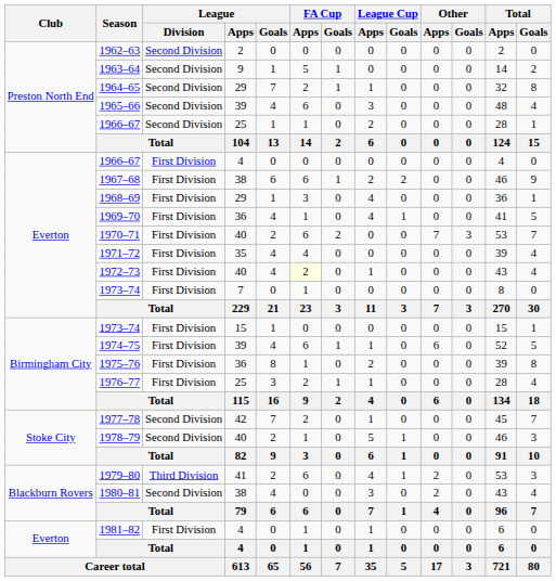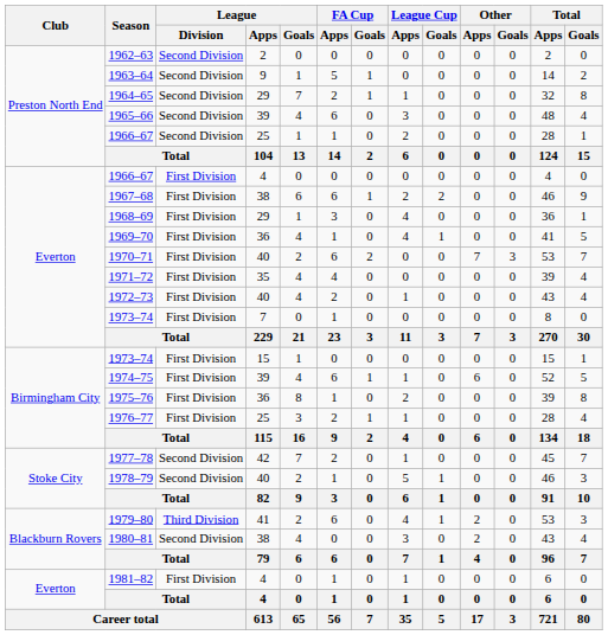 <table class=wikitable style="text-align: center">
 <tr>
 <th rowspan="2">Club</th>
 <th rowspan="2">Season</th>
 <th colspan="3">League</th>
 <th colspan="2"><a href='#'>FA Cup</a></th>
 <th colspan="2"><a href='#'>League Cup</a></th>
 <th colspan="2">Other</th>
 <th colspan="2">Total</th>
 </tr>
 <tr>
 <th>Division</th>
 <th>Apps</th>
 <th>Goals</th>
 <th>Apps</th>
 <th>Goals</th>
 <th>Apps</th>
 <th>Goals</th>
 <th>Apps</th>
 <th>Goals</th>
 <th>Apps</th>
 <th>Goals</th>
 </tr>
 <tr>
 <td rowspan="6"><a href='#'>Preston North End</a></td>
 <td><a href='#'>1962–63</a></td>
 <td><a href='#'>Second Division</a></td>
 <td>2</td>
 <td>0</td>
 <td>0</td>
 <td>0</td>
 <td>0</td>
 <td>0</td>
 <td>0</td>
 <td>0</td>
 <td>2</td>
 <td>0</td>
 </tr>
 <tr>
 <td><a href='#'>1963–64</a></td>
 <td>Second Division</td>
 <td>9</td>
 <td>1</td>
 <td>5</td>
 <td>1</td>
 <td>0</td>
 <td>0</td>
 <td>0</td>
 <td>0</td>
 <td>14</td>
 <td>2</td>
 </tr>
 <tr>
 <td><a href='#'>1964–65</a></td>
 <td>Second Division</td>
 <td>29</td>
 <td>7</td>
 <td>2</td>
 <td>1</td>
 <td>1</td>
 <td>0</td>
 <td>0</td>
 <td>0</td>
 <td>32</td>
 <td>8</td>
 </tr>
 <tr>
 <td><a href='#'>1965–66</a></td>
 <td>Second Division</td>
 <td>39</td>
 <td>4</td>
 <td>6</td>
 <td>0</td>
 <td>3</td>
 <td>0</td>
 <td>0</td>
 <td>0</td>
 <td>48</td>
 <td>4</td>
 </tr>
 <tr>
 <td><a href='#'>1966–67</a></td>
 <td>Second Division</td>
 <td>25</td>
 <td>1</td>
 <td>1</td>
 <td>0</td>
 <td>2</td>
 <td>0</td>
 <td>0</td>
 <td>0</td>
 <td>28</td>
 <td>1</td>
 </tr>
 <tr>
 <th colspan="2">Total</th>
 <th>104</th>
 <th>13</th>
 <th>14</th>
 <th>2</th>
 <th>6</th>
 <th>0</th>
 <th>0</th>
 <th>0</th>
 <th>124</th>
 <th>15</th>
 </tr>
 <tr>
 <td rowspan="9"><a href='#'>Everton</a></td>
 <td><a href='#'>1966–67</a></td>
 <td><a href='#'>First Division</a></td>
 <td>4</td>
 <td>0</td>
 <td>0</td>
 <td>0</td>
 <td>0</td>
 <td>0</td>
 <td>0</td>
 <td>0</td>
 <td>4</td>
 <td>0</td>
 </tr>
 <tr>
 <td><a href='#'>1967–68</a></td>
 <td>First Division</td>
 <td>38</td>
 <td>6</td>
 <td>6</td>
 <td>1</td>
 <td>2</td>
 <td>2</td>
 <td>0</td>
 <td>0</td>
 <td>46</td>
 <td>9</td>
 </tr>
 <tr>
 <td><a href='#'>1968–69</a></td>
 <td>First Division</td>
 <td>29</td>
 <td>1</td>
 <td>3</td>
 <td>0</td>
 <td>4</td>
 <td>0</td>
 <td>0</td>
 <td>0</td>
 <td>36</td>
 <td>1</td>
 </tr>
 <tr>
 <td><a href='#'>1969–70</a></td>
 <td>First Division</td>
 <td>36</td>
 <td>4</td>
 <td>1</td>
 <td>0</td>
 <td>4</td>
 <td>1</td>
 <td>0</td>
 <td>0</td>
 <td>41</td>
 <td>5</td>
 </tr>
 <tr>
 <td><a href='#'>1970–71</a></td>
 <td>First Division</td>
 <td>40</td>
 <td>2</td>
 <td>6</td>
 <td>2</td>
 <td>0</td>
 <td>0</td>
 <td>7</td>
 <td>3</td>
 <td>53</td>
 <td>7</td>
 </tr>
 <tr>
 <td><a href='#'>1971–72</a></td>
 <td>First Division</td>
 <td>35</td>
 <td>4</td>
 <td>4</td>
 <td>0</td>
 <td>0</td>
 <td>0</td>
 <td>0</td>
 <td>0</td>
 <td>39</td>
 <td>4</td>
 </tr>
 <tr>
 <td><a href='#'>1972–73</a></td>
 <td>First Division</td>
 <td>40</td>
 <td>4</td>
-<td style="background: lightyellow;">2</td>
+<td>2</td>
 <td>0</td>
 <td>1</td>
 <td>0</td>
 <td>0</td>
 <td>0</td>
 <td>43</td>
 <td>4</td>
 </tr>
 <tr>
 <td><a href='#'>1973–74</a></td>
 <td>First Division</td>
 <td>7</td>
 <td>0</td>
 <td>1</td>
 <td>0</td>
 <td>0</td>
 <td>0</td>
 <td>0</td>
 <td>0</td>
 <td>8</td>
 <td>0</td>
 </tr>
 <tr>
 <th colspan="2">Total</th>
 <th>229</th>
 <th>21</th>
 <th>23</th>
 <th>3</th>
 <th>11</th>
 <th>3</th>
 <th>7</th>
 <th>3</th>
 <th>270</th>
 <th>30</th>
 </tr>
 <tr>
 <td rowspan="5"><a href='#'>Birmingham City</a></td>
 <td><a href='#'>1973–74</a></td>
 <td>First Division</td>
 <td>15</td>
 <td>1</td>
 <td>0</td>
 <td>0</td>
 <td>0</td>
 <td>0</td>
 <td>0</td>
 <td>0</td>
 <td>15</td>
 <td>1</td>
 </tr>
 <tr>
 <td><a href='#'>1974–75</a></td>
 <td>First Division</td>
 <td>39</td>
 <td>4</td>
 <td>6</td>
 <td>1</td>
 <td>1</td>
 <td>0</td>
 <td>6</td>
 <td>0</td>
 <td>52</td>
 <td>5</td>
 </tr>
 <tr>
 <td><a href='#'>1975–76</a></td>
 <td>First Division</td>
 <td>36</td>
 <td>8</td>
 <td>1</td>
 <td>0</td>
 <td>2</td>
 <td>0</td>
 <td>0</td>
 <td>0</td>
 <td>39</td>
 <td>8</td>
 </tr>
 <tr>
 <td><a href='#'>1976–77</a></td>
 <td>First Division</td>
 <td>25</td>
 <td>3</td>
 <td>2</td>
 <td>1</td>
 <td>1</td>
 <td>0</td>
 <td>0</td>
 <td>0</td>
 <td>28</td>
 <td>4</td>
 </tr>
 <tr>
 <th colspan="2">Total</th>
 <th>115</th>
 <th>16</th>
 <th>9</th>
 <th>2</th>
 <th>4</th>
 <th>0</th>
 <th>6</th>
 <th>0</th>
 <th>134</th>
 <th>18</th>
 </tr>
 <tr>
 <td rowspan="3"><a href='#'>Stoke City</a></td>
 <td><a href='#'>1977–78</a></td>
 <td>Second Division</td>
 <td>42</td>
 <td>7</td>
 <td>2</td>
 <td>0</td>
 <td>1</td>
 <td>0</td>
 <td>0</td>
 <td>0</td>
 <td>45</td>
 <td>7</td>
 </tr>
 <tr>
 <td><a href='#'>1978–79</a></td>
 <td>Second Division</td>
 <td>40</td>
 <td>2</td>
 <td>1</td>
 <td>0</td>
 <td>5</td>
 <td>1</td>
 <td>0</td>
 <td>0</td>
 <td>46</td>
 <td>3</td>
 </tr>
 <tr>
 <th colspan="2">Total</th>
 <th>82</th>
 <th>9</th>
 <th>3</th>
 <th>0</th>
 <th>6</th>
 <th>1</th>
 <th>0</th>
 <th>0</th>
 <th>91</th>
 <th>10</th>
 </tr>
 <tr>
 <td rowspan="3"><a href='#'>Blackburn Rovers</a></td>
 <td><a href='#'>1979–80</a></td>
 <td><a href='#'>Third Division</a></td>
 <td>41</td>
 <td>2</td>
 <td>6</td>
 <td>0</td>
 <td>4</td>
 <td>1</td>
 <td>2</td>
 <td>0</td>
 <td>53</td>
 <td>3</td>
 </tr>
 <tr>
 <td><a href='#'>1980–81</a></td>
 <td>Second Division</td>
 <td>38</td>
 <td>4</td>
 <td>0</td>
 <td>0</td>
 <td>3</td>
 <td>0</td>
 <td>2</td>
 <td>0</td>
 <td>43</td>
 <td>4</td>
 </tr>
 <tr>
 <th colspan="2">Total</th>
 <th>79</th>
 <th>6</th>
 <th>6</th>
 <th>0</th>
 <th>7</th>
 <th>1</th>
 <th>4</th>
 <th>0</th>
 <th>96</th>
 <th>7</th>
 </tr>
 <tr>
 <td rowspan="2"><a href='#'>Everton</a></td>
 <td><a href='#'>1981–82</a></td>
 <td>First Division</td>
 <td>4</td>
 <td>0</td>
 <td>1</td>
 <td>0</td>
 <td>1</td>
 <td>0</td>
 <td>0</td>
 <td>0</td>
 <td>6</td>
 <td>0</td>
 </tr>
 <tr>
 <th colspan="2">Total</th>
 <th>4</th>
 <th>0</th>
 <th>1</th>
 <th>0</th>
 <th>1</th>
 <th>0</th>
 <th>0</th>
 <th>0</th>
 <th>6</th>
 <th>0</th>
 </tr>
 <tr>
 <th colspan="3">Career total</th>
 <th>613</th>
 <th>65</th>
 <th>56</th>
 <th>7</th>
 <th>35</th>
 <th>5</th>
 <th>17</th>
 <th>3</th>
 <th>721</th>
 <th>80</th>
 </tr>
 </table>
